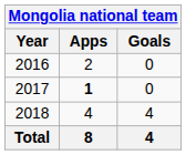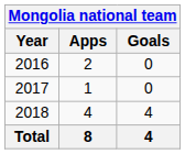 <table class="wikitable" style="text-align:center">
 <tr>
 <th colspan=3><a href='#'>Mongolia national team</a></th>
 </tr>
 <tr>
 <th>Year</th>
 <th>Apps</th>
 <th>Goals</th>
 </tr>
 <tr>
 <td>2016</td>
 <td>2</td>
 <td>0</td>
 </tr>
 <tr>
 <td>2017</td>
-<td><strong>1</strong></td>
+<td>1</td>
 <td>0</td>
 </tr>
 <tr>
 <td>2018</td>
 <td>4</td>
 <td>4</td>
 </tr>
 <tr>
 <th>Total</th>
 <th>8</th>
 <th>4</th>
 </tr>
 </table>
